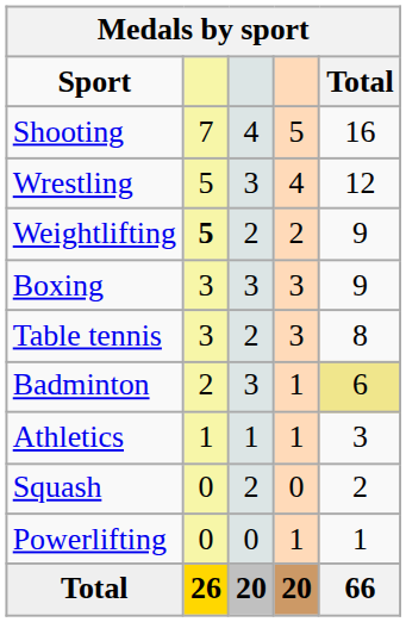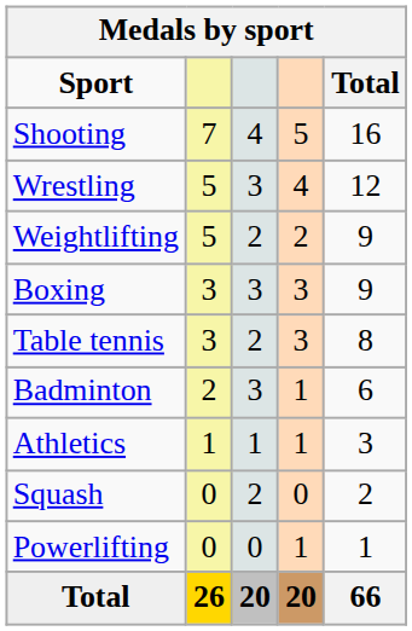 <table class="wikitable" style="text-align:center; font-size:85%; float:right">
 <tr style="background:#efefef;">
 <th colspan=5>Medals by sport</th>
 </tr>
 <tr>
 <td><strong>Sport</strong></td>
 <th style="background:#f7f6a8;"></th>
 <th style="background:#dce5e5;"></th>
 <th style="background:#ffdab9;"></th>
 <th>Total</th>
 </tr>
 <tr>
 <td align=left><a href='#'>Shooting</a></td>
 <td style="background:#f7f6a8;">7</td>
 <td style="background:#dce5e5;">4</td>
 <td style="background:#ffdab9;">5</td>
 <td>16</td>
 </tr>
 <tr>
 <td align=left><a href='#'>Wrestling</a></td>
 <td style="background:#f7f6a8;">5</td>
 <td style="background:#dce5e5;">3</td>
 <td style="background:#ffdab9;">4</td>
 <td>12</td>
 </tr>
 <tr>
 <td align=left><a href='#'>Weightlifting</a></td>
-<td style="background:#f7f6a8;"><strong>5</strong></td>
+<td style="background:#f7f6a8;">5</td>
 <td style="background:#dce5e5;">2</td>
 <td style="background:#ffdab9;">2</td>
 <td>9</td>
 </tr>
 <tr>
 <td align=left><a href='#'>Boxing</a></td>
 <td style="background:#f7f6a8;">3</td>
 <td style="background:#dce5e5;">3</td>
 <td style="background:#ffdab9;">3</td>
 <td>9</td>
 </tr>
 <tr>
 <td align=left><a href='#'>Table tennis</a></td>
 <td style="background:#f7f6a8;">3</td>
 <td style="background:#dce5e5;">2</td>
 <td style="background:#ffdab9;">3</td>
 <td>8</td>
 </tr>
 <tr>
 <td align=left><a href='#'>Badminton</a></td>
 <td style="background:#f7f6a8;">2</td>
 <td style="background:#dce5e5;">3</td>
 <td style="background:#ffdab9;">1</td>
-<td style="background: khaki;">6</td>
+<td>6</td>
 </tr>
 <tr>
 <td align=left><a href='#'>Athletics</a></td>
 <td style="background:#f7f6a8;">1</td>
 <td style="background:#dce5e5;">1</td>
 <td style="background:#ffdab9;">1</td>
 <td>3</td>
 </tr>
 <tr>
 <td align=left><a href='#'>Squash</a></td>
 <td style="background:#f7f6a8;">0</td>
 <td style="background:#dce5e5;">2</td>
 <td style="background:#ffdab9;">0</td>
 <td>2</td>
 </tr>
 <tr>
 <td align=left><a href='#'>Powerlifting</a></td>
 <td style="background:#f7f6a8;">0</td>
 <td style="background:#dce5e5;">0</td>
 <td style="background:#ffdab9;">1</td>
 <td>1</td>
 </tr>
 <tr>
 <th style="background:#efefef;">Total</th>
 <th style="background:gold;">26</th>
 <th style="background:silver;">20</th>
 <th style="background:#c96;">20</th>
 <th>66</th>
 </tr>
 </table>
